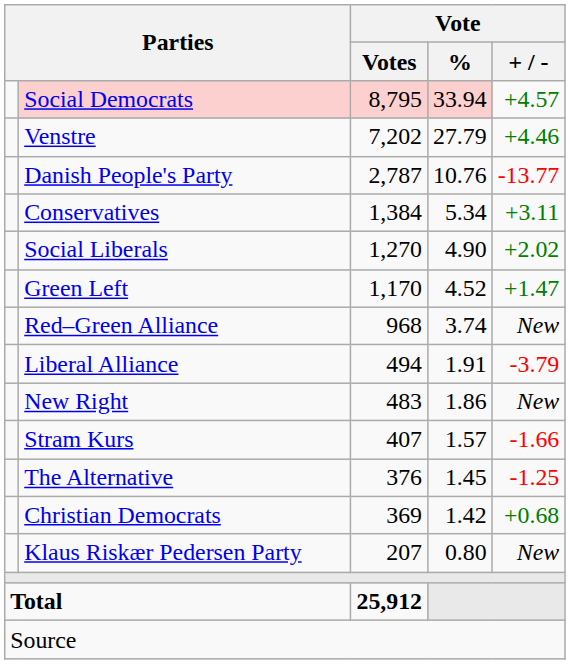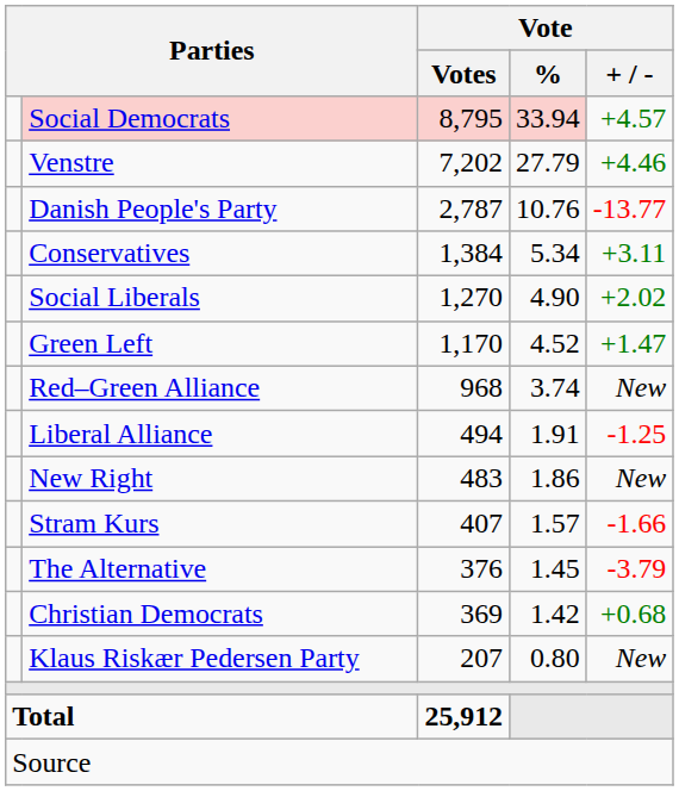 <table class="wikitable" style="text-align:right;">
 <tr>
 <th style="text-align:centre;" rowspan="2" colspan="2" width="225">Parties</th>
 <th colspan="3">Vote</th>
 </tr>
 <tr>
 <th width="15">Votes</th>
 <th width="15">%</th>
 <th width="15">+ / -</th>
 </tr>
 <tr>
 <td width="2" style="color:inherit;background:"></td>
 <td bgcolor=#fbd0ce  align="left"><a href='#'>Social Democrats</a></td>
 <td bgcolor=#fbd0ce>8,795</td>
 <td bgcolor=#fbd0ce>33.94</td>
 <td style=color:green;>+4.57</td>
 </tr>
 <tr>
 <td width="2" style="color:inherit;background:"></td>
 <td align="left"><a href='#'>Venstre</a></td>
 <td>7,202</td>
 <td>27.79</td>
 <td style=color:green;>+4.46</td>
 </tr>
 <tr>
 <td width="2" style="color:inherit;background:"></td>
 <td align="left"><a href='#'>Danish People's Party</a></td>
 <td>2,787</td>
 <td>10.76</td>
 <td style=color:red;>-13.77</td>
 </tr>
 <tr>
 <td width="2" style="color:inherit;background:"></td>
 <td align="left"><a href='#'>Conservatives</a></td>
 <td>1,384</td>
 <td>5.34</td>
 <td style=color:green;>+3.11</td>
 </tr>
 <tr>
 <td width="2" style="color:inherit;background:"></td>
 <td align="left"><a href='#'>Social Liberals</a></td>
 <td>1,270</td>
 <td>4.90</td>
 <td style=color:green;>+2.02</td>
 </tr>
 <tr>
 <td width="2" style="color:inherit;background:"></td>
 <td align="left"><a href='#'>Green Left</a></td>
 <td>1,170</td>
 <td>4.52</td>
 <td style=color:green;>+1.47</td>
 </tr>
 <tr>
 <td width="2" style="color:inherit;background:"></td>
 <td align="left"><a href='#'>Red–Green Alliance</a></td>
 <td>968</td>
 <td>3.74</td>
 <td><em>New</em></td>
 </tr>
 <tr>
 <td width="2" style="color:inherit;background:"></td>
 <td align="left"><a href='#'>Liberal Alliance</a></td>
 <td>494</td>
 <td>1.91</td>
-<td style=color:red;>-3.79</td>
+<td style=color:red;>-1.25</td>
 </tr>
 <tr>
 <td width="2" style="color:inherit;background:"></td>
 <td align="left"><a href='#'>New Right</a></td>
 <td>483</td>
 <td>1.86</td>
 <td><em>New</em></td>
 </tr>
 <tr>
 <td width="2" style="color:inherit;background:"></td>
 <td align="left"><a href='#'>Stram Kurs</a></td>
 <td>407</td>
 <td>1.57</td>
 <td style=color:red;>-1.66</td>
 </tr>
 <tr>
 <td width="2" style="color:inherit;background:"></td>
 <td align="left"><a href='#'>The Alternative</a></td>
 <td>376</td>
 <td>1.45</td>
-<td style=color:red;>-1.25</td>
+<td style=color:red;>-3.79</td>
 </tr>
 <tr>
 <td width="2" style="color:inherit;background:"></td>
 <td align="left"><a href='#'>Christian Democrats</a></td>
 <td>369</td>
 <td>1.42</td>
 <td style=color:green;>+0.68</td>
 </tr>
 <tr>
 <td width="2" style="color:inherit;background:"></td>
 <td align="left"><a href='#'>Klaus Riskær Pedersen Party</a></td>
 <td>207</td>
 <td>0.80</td>
 <td><em>New</em></td>
 </tr>
 <tr>
 <td colspan="7" bgcolor="#E9E9E9"></td>
 </tr>
 <tr>
 <td align="left" colspan="2"><strong>Total</strong></td>
 <td><strong>25,912</strong></td>
 <td bgcolor="#E9E9E9" colspan="2"></td>
 </tr>
 <tr>
 <td align="left" colspan="6">Source</td>
 </tr>
 </table>
